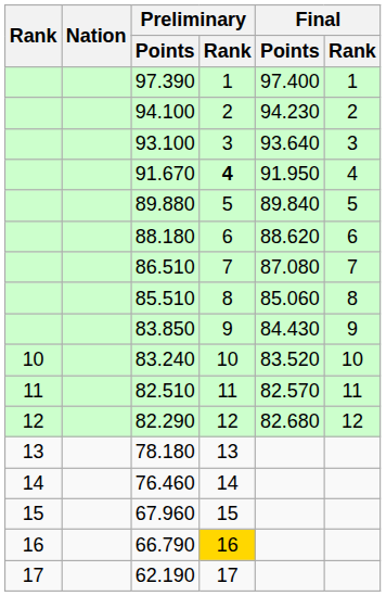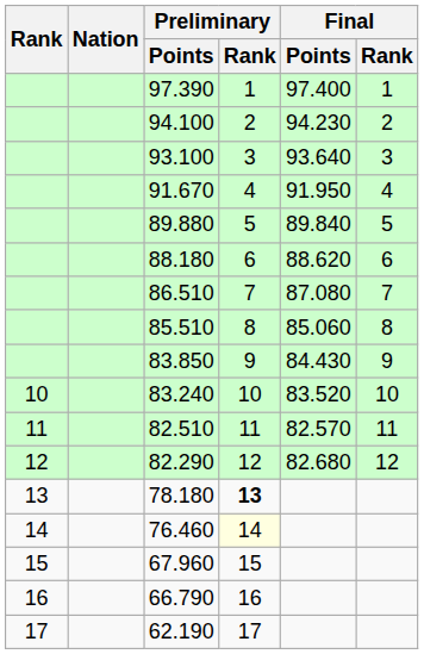 <table class="wikitable sortable" style="text-align:center">
 <tr>
 <th rowspan="2">Rank</th>
 <th rowspan="2">Nation</th>
 <th colspan="2">Preliminary</th>
 <th colspan="2">Final</th>
 </tr>
 <tr>
 <th>Points</th>
 <th>Rank</th>
 <th>Points</th>
 <th>Rank</th>
 </tr>
 <tr bgcolor=ccffcc>
 <td></td>
 <td align=left></td>
 <td>97.390</td>
 <td>1</td>
 <td>97.400</td>
 <td>1</td>
 </tr>
 <tr bgcolor=ccffcc>
 <td></td>
 <td align=left></td>
 <td>94.100</td>
 <td>2</td>
 <td>94.230</td>
 <td>2</td>
 </tr>
 <tr bgcolor=ccffcc>
 <td></td>
 <td align=left></td>
 <td>93.100</td>
 <td>3</td>
 <td>93.640</td>
 <td>3</td>
 </tr>
 <tr bgcolor=ccffcc>
 <td></td>
 <td align=left></td>
 <td>91.670</td>
-<td><strong>4</strong></td>
+<td>4</td>
 <td>91.950</td>
 <td>4</td>
 </tr>
 <tr bgcolor=ccffcc>
 <td></td>
 <td align=left></td>
 <td>89.880</td>
 <td>5</td>
 <td>89.840</td>
 <td>5</td>
 </tr>
 <tr bgcolor=ccffcc>
 <td></td>
 <td align=left></td>
 <td>88.180</td>
 <td>6</td>
 <td>88.620</td>
 <td>6</td>
 </tr>
 <tr bgcolor=ccffcc>
 <td></td>
 <td align=left></td>
 <td>86.510</td>
 <td>7</td>
 <td>87.080</td>
 <td>7</td>
 </tr>
 <tr bgcolor=ccffcc>
 <td></td>
 <td align=left></td>
 <td>85.510</td>
 <td>8</td>
 <td>85.060</td>
 <td>8</td>
 </tr>
 <tr bgcolor=ccffcc>
 <td></td>
 <td align=left></td>
 <td>83.850</td>
 <td>9</td>
 <td>84.430</td>
 <td>9</td>
 </tr>
 <tr bgcolor=ccffcc>
 <td>10</td>
 <td align=left></td>
 <td>83.240</td>
 <td>10</td>
 <td>83.520</td>
 <td>10</td>
 </tr>
 <tr bgcolor=ccffcc>
 <td>11</td>
 <td align=left></td>
 <td>82.510</td>
 <td>11</td>
 <td>82.570</td>
 <td>11</td>
 </tr>
 <tr bgcolor=ccffcc>
 <td>12</td>
 <td align=left></td>
 <td>82.290</td>
 <td>12</td>
 <td>82.680</td>
 <td>12</td>
 </tr>
 <tr>
 <td>13</td>
 <td align=left></td>
 <td>78.180</td>
-<td>13</td>
+<td><strong>13</strong></td>
 <td></td>
 <td></td>
 </tr>
 <tr>
 <td>14</td>
 <td align=left></td>
 <td>76.460</td>
-<td>14</td>
+<td style="background: lightyellow;">14</td>
 <td></td>
 <td></td>
 </tr>
 <tr>
 <td>15</td>
 <td align=left></td>
 <td>67.960</td>
 <td>15</td>
 <td></td>
 <td></td>
 </tr>
 <tr>
 <td>16</td>
 <td align=left></td>
 <td>66.790</td>
-<td style="background: gold;">16</td>
+<td>16</td>
 <td></td>
 <td></td>
 </tr>
 <tr>
 <td>17</td>
 <td align=left></td>
 <td>62.190</td>
 <td>17</td>
 <td></td>
 <td></td>
 </tr>
 </table>
